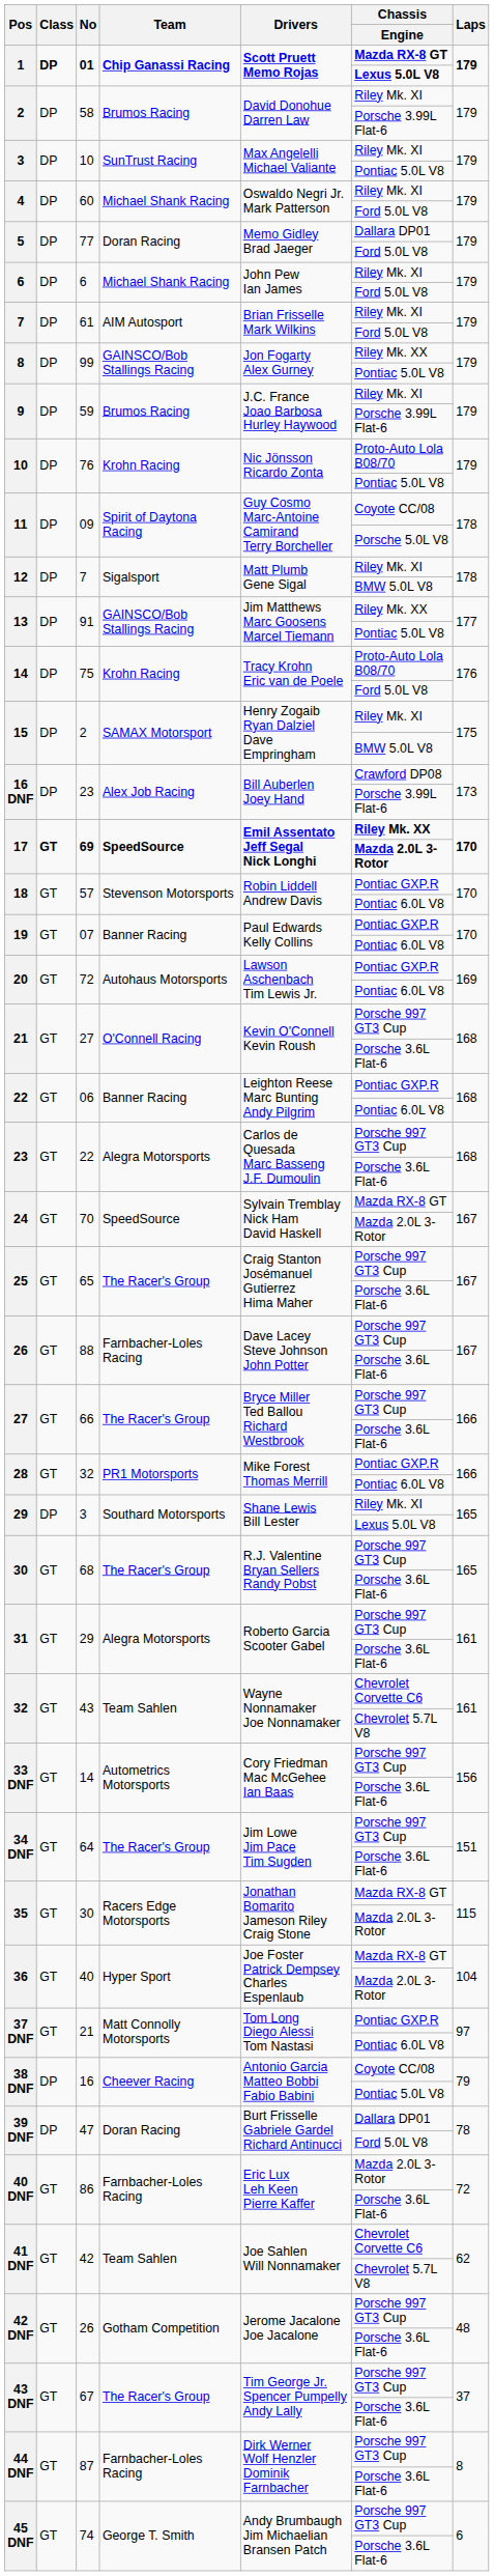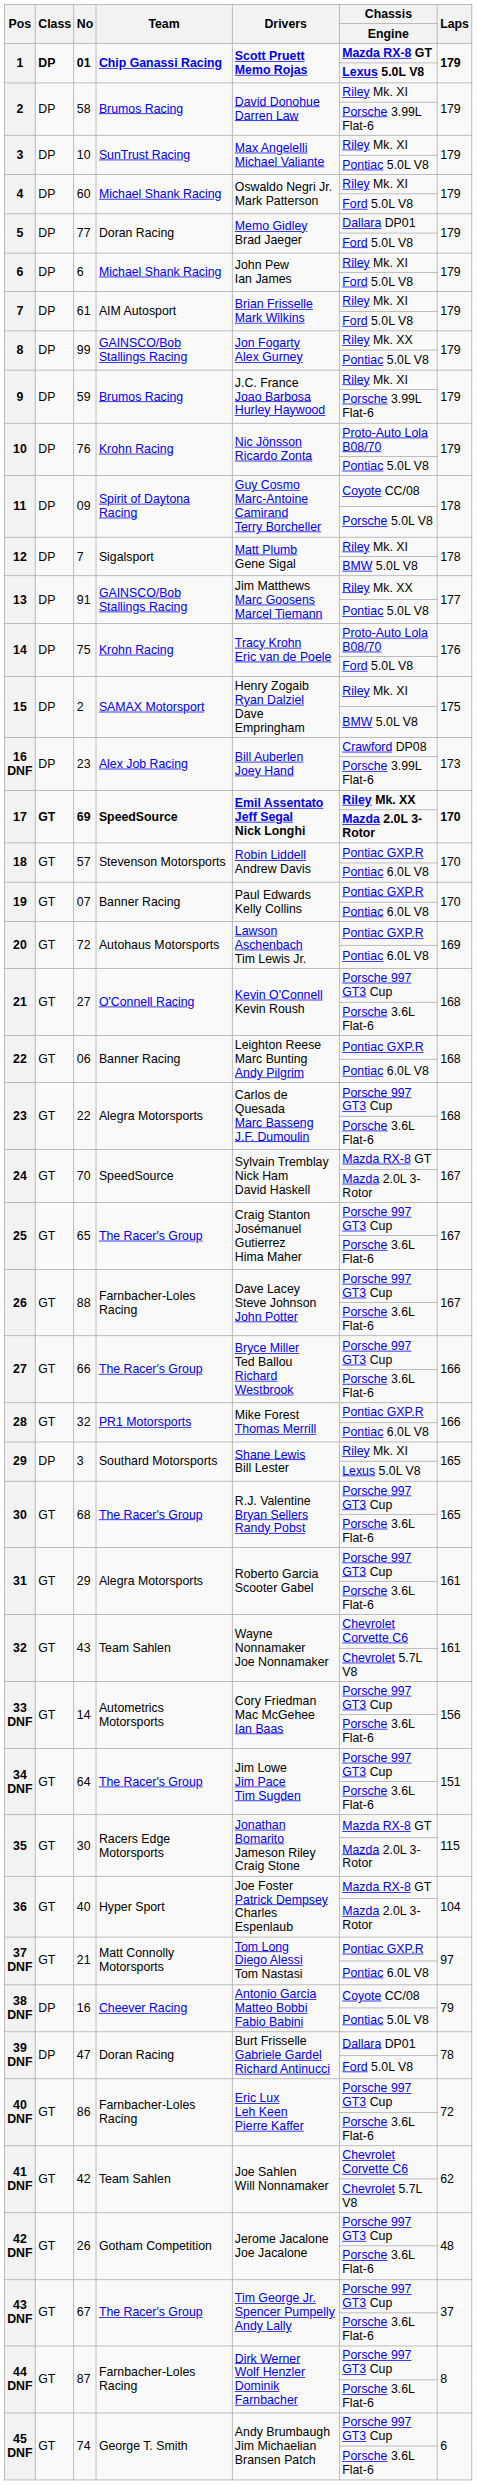 <table class="wikitable">
 <tr>
 <th rowspan="2">Pos</th>
 <th rowspan="2">Class</th>
 <th rowspan="2">No</th>
 <th rowspan="2">Team</th>
 <th rowspan="2">Drivers</th>
 <th>Chassis</th>
 <th rowspan="2">Laps</th>
 </tr>
 <tr>
 <th>Engine</th>
 </tr>
 <tr>
 <th rowspan="2">1</th>
 <td rowspan="2"><strong>DP</strong></td>
 <td rowspan="2"><strong>01</strong></td>
 <td rowspan="2"><strong><a href='#'>Chip Ganassi Racing</a></strong></td>
 <td rowspan="2"><strong> <a href='#'>Scott Pruett</a></strong><br><strong> <a href='#'>Memo Rojas</a></strong></td>
 <td><strong><a href='#'>Mazda RX-8</a> GT</strong></td>
 <td rowspan="2"><strong>179</strong></td>
 </tr>
 <tr>
 <td><strong><a href='#'>Lexus</a> 5.0L V8</strong></td>
 </tr>
 <tr>
 <th rowspan="2">2</th>
 <td rowspan="2">DP</td>
 <td rowspan="2">58</td>
 <td rowspan="2"><a href='#'>Brumos Racing</a></td>
 <td rowspan="2"> <a href='#'>David Donohue</a><br> <a href='#'>Darren Law</a></td>
 <td><a href='#'>Riley</a> Mk. XI</td>
 <td rowspan="2">179</td>
 </tr>
 <tr>
 <td><a href='#'>Porsche</a> 3.99L Flat-6</td>
 </tr>
 <tr>
 <th rowspan="2">3</th>
 <td rowspan="2">DP</td>
 <td rowspan="2">10</td>
 <td rowspan="2"><a href='#'>SunTrust Racing</a></td>
 <td rowspan="2"> <a href='#'>Max Angelelli</a><br> <a href='#'>Michael Valiante</a></td>
 <td><a href='#'>Riley</a> Mk. XI</td>
 <td rowspan="2">179</td>
 </tr>
 <tr>
 <td><a href='#'>Pontiac</a> 5.0L V8</td>
 </tr>
 <tr>
 <th rowspan="2">4</th>
 <td rowspan="2">DP</td>
 <td rowspan="2">60</td>
 <td rowspan="2"><a href='#'>Michael Shank Racing</a></td>
 <td rowspan="2"> Oswaldo Negri Jr.<br> Mark Patterson</td>
 <td><a href='#'>Riley</a> Mk. XI</td>
 <td rowspan="2">179</td>
 </tr>
 <tr>
 <td><a href='#'>Ford</a> 5.0L V8</td>
 </tr>
 <tr>
 <th rowspan="2">5</th>
 <td rowspan="2">DP</td>
 <td rowspan="2">77</td>
 <td rowspan="2">Doran Racing</td>
 <td rowspan="2"><strong></strong> <a href='#'>Memo Gidley</a><br> Brad Jaeger</td>
 <td><a href='#'>Dallara</a> DP01</td>
 <td rowspan="2">179</td>
 </tr>
 <tr>
 <td><a href='#'>Ford</a> 5.0L V8</td>
 </tr>
 <tr>
 <th rowspan="2">6</th>
 <td rowspan="2">DP</td>
 <td rowspan="2">6</td>
 <td rowspan="2"><a href='#'>Michael Shank Racing</a></td>
 <td rowspan="2"> John Pew<br> Ian James</td>
 <td><a href='#'>Riley</a> Mk. XI</td>
 <td rowspan="2">179</td>
 </tr>
 <tr>
 <td><a href='#'>Ford</a> 5.0L V8</td>
 </tr>
 <tr>
 <th rowspan="2">7</th>
 <td rowspan="2">DP</td>
 <td rowspan="2">61</td>
 <td rowspan="2">AIM Autosport</td>
 <td rowspan="2"> <a href='#'>Brian Frisselle</a><br> <a href='#'>Mark Wilkins</a></td>
 <td><a href='#'>Riley</a> Mk. XI</td>
 <td rowspan="2">179</td>
 </tr>
 <tr>
 <td><a href='#'>Ford</a> 5.0L V8</td>
 </tr>
 <tr>
 <th rowspan="2">8</th>
 <td rowspan="2">DP</td>
 <td rowspan="2">99</td>
 <td rowspan="2"><a href='#'>GAINSCO/Bob Stallings Racing</a></td>
 <td rowspan="2"> <a href='#'>Jon Fogarty</a><br> <a href='#'>Alex Gurney</a></td>
 <td><a href='#'>Riley</a> Mk. XX</td>
 <td rowspan="2">179</td>
 </tr>
 <tr>
 <td><a href='#'>Pontiac</a> 5.0L V8</td>
 </tr>
 <tr>
 <th rowspan="2">9</th>
 <td rowspan="2">DP</td>
 <td rowspan="2">59</td>
 <td rowspan="2"><a href='#'>Brumos Racing</a></td>
 <td rowspan="2"> J.C. France<br> <a href='#'>Joao Barbosa</a><br> <a href='#'>Hurley Haywood</a></td>
 <td><a href='#'>Riley</a> Mk. XI</td>
 <td rowspan="2">179</td>
 </tr>
 <tr>
 <td><a href='#'>Porsche</a> 3.99L Flat-6</td>
 </tr>
 <tr>
 <th rowspan="2">10</th>
 <td rowspan="2">DP</td>
 <td rowspan="2">76</td>
 <td rowspan="2"><a href='#'>Krohn Racing</a></td>
 <td rowspan="2"> <a href='#'>Nic Jönsson</a><br> <a href='#'>Ricardo Zonta</a></td>
 <td><a href='#'>Proto-Auto Lola B08/70</a></td>
 <td rowspan="2">179</td>
 </tr>
 <tr>
 <td><a href='#'>Pontiac</a> 5.0L V8</td>
 </tr>
 <tr>
 <th rowspan="2">11</th>
 <td rowspan="2">DP</td>
 <td rowspan="2">09</td>
 <td rowspan="2"><a href='#'>Spirit of Daytona Racing</a></td>
 <td rowspan="2"> <a href='#'>Guy Cosmo</a><br> <a href='#'>Marc-Antoine Camirand</a><br> <a href='#'>Terry Borcheller</a></td>
 <td><a href='#'>Coyote</a> CC/08</td>
 <td rowspan="2">178</td>
 </tr>
 <tr>
 <td><a href='#'>Porsche</a> 5.0L V8</td>
 </tr>
 <tr>
 <th rowspan="2">12</th>
 <td rowspan="2">DP</td>
 <td rowspan="2">7</td>
 <td rowspan="2">Sigalsport</td>
 <td rowspan="2"> <a href='#'>Matt Plumb</a><br> Gene Sigal</td>
 <td><a href='#'>Riley</a> Mk. XI</td>
 <td rowspan="2">178</td>
 </tr>
 <tr>
 <td><a href='#'>BMW</a> 5.0L V8</td>
 </tr>
 <tr>
 <th rowspan="2">13</th>
 <td rowspan="2">DP</td>
 <td rowspan="2">91</td>
 <td rowspan="2"><a href='#'>GAINSCO/Bob Stallings Racing</a></td>
 <td rowspan="2"> Jim Matthews<br> <a href='#'>Marc Goosens</a><br> <a href='#'>Marcel Tiemann</a></td>
 <td><a href='#'>Riley</a> Mk. XX</td>
 <td rowspan="2">177</td>
 </tr>
 <tr>
 <td><a href='#'>Pontiac</a> 5.0L V8</td>
 </tr>
 <tr>
 <th rowspan="2">14</th>
 <td rowspan="2">DP</td>
 <td rowspan="2">75</td>
 <td rowspan="2"><a href='#'>Krohn Racing</a></td>
 <td rowspan="2"> <a href='#'>Tracy Krohn</a><br> <a href='#'>Eric van de Poele</a></td>
 <td><a href='#'>Proto-Auto Lola B08/70</a></td>
 <td rowspan="2">176</td>
 </tr>
 <tr>
 <td><a href='#'>Ford</a> 5.0L V8</td>
 </tr>
 <tr>
 <th rowspan="2">15</th>
 <td rowspan="2">DP</td>
 <td rowspan="2">2</td>
 <td rowspan="2"><a href='#'>SAMAX Motorsport</a></td>
 <td rowspan="2"> Henry Zogaib<br> <a href='#'>Ryan Dalziel</a><br> Dave Empringham</td>
 <td><a href='#'>Riley</a> Mk. XI</td>
 <td rowspan="2">175</td>
 </tr>
 <tr>
 <td><a href='#'>BMW</a> 5.0L V8</td>
 </tr>
 <tr>
 <th rowspan="2">16<br>DNF</th>
 <td rowspan="2">DP</td>
 <td rowspan="2">23</td>
 <td rowspan="2"><a href='#'>Alex Job Racing</a></td>
 <td rowspan="2"> <a href='#'>Bill Auberlen</a><br> <a href='#'>Joey Hand</a></td>
 <td><a href='#'>Crawford</a> DP08</td>
 <td rowspan="2">173</td>
 </tr>
 <tr>
 <td><a href='#'>Porsche</a> 3.99L Flat-6</td>
 </tr>
 <tr>
 <th rowspan="2">17</th>
 <td rowspan="2"><strong>GT</strong></td>
 <td rowspan="2"><strong>69</strong></td>
 <td rowspan="2"><strong>SpeedSource</strong></td>
 <td rowspan="2"><strong> <a href='#'>Emil Assentato</a></strong><br><strong> <a href='#'>Jeff Segal</a></strong><br><strong> Nick Longhi</strong></td>
 <td><strong><a href='#'>Riley</a> Mk. XX</strong></td>
 <td rowspan="2"><strong>170</strong></td>
 </tr>
 <tr>
 <td><strong><a href='#'>Mazda</a> 2.0L 3-Rotor</strong></td>
 </tr>
 <tr>
 <th rowspan="2">18</th>
 <td rowspan="2">GT</td>
 <td rowspan="2">57</td>
 <td rowspan="2">Stevenson Motorsports</td>
 <td rowspan="2"> <a href='#'>Robin Liddell</a><br> Andrew Davis</td>
 <td><a href='#'>Pontiac GXP.R</a></td>
 <td rowspan="2">170</td>
 </tr>
 <tr>
 <td><a href='#'>Pontiac</a> 6.0L V8</td>
 </tr>
 <tr>
 <th rowspan="2">19</th>
 <td rowspan="2">GT</td>
 <td rowspan="2">07</td>
 <td rowspan="2">Banner Racing</td>
 <td rowspan="2"> Paul Edwards<br> Kelly Collins</td>
 <td><a href='#'>Pontiac GXP.R</a></td>
 <td rowspan="2">170</td>
 </tr>
 <tr>
 <td><a href='#'>Pontiac</a> 6.0L V8</td>
 </tr>
 <tr>
 <th rowspan="2">20</th>
 <td rowspan="2">GT</td>
 <td rowspan="2">72</td>
 <td rowspan="2">Autohaus Motorsports</td>
 <td rowspan="2"> <a href='#'>Lawson Aschenbach</a><br> Tim Lewis Jr.</td>
 <td><a href='#'>Pontiac GXP.R</a></td>
 <td rowspan="2">169</td>
 </tr>
 <tr>
 <td><a href='#'>Pontiac</a> 6.0L V8</td>
 </tr>
 <tr>
 <th rowspan="2">21</th>
 <td rowspan="2">GT</td>
 <td rowspan="2">27</td>
 <td rowspan="2"><a href='#'>O'Connell Racing</a></td>
 <td rowspan="2"> <a href='#'>Kevin O'Connell</a><br> Kevin Roush</td>
 <td><a href='#'>Porsche 997 GT3</a> Cup</td>
 <td rowspan="2">168</td>
 </tr>
 <tr>
 <td><a href='#'>Porsche</a> 3.6L Flat-6</td>
 </tr>
 <tr>
 <th rowspan="2">22</th>
 <td rowspan="2">GT</td>
 <td rowspan="2">06</td>
 <td rowspan="2">Banner Racing</td>
 <td rowspan="2"> Leighton Reese<br> Marc Bunting<br> <a href='#'>Andy Pilgrim</a></td>
 <td><a href='#'>Pontiac GXP.R</a></td>
 <td rowspan="2">168</td>
 </tr>
 <tr>
 <td><a href='#'>Pontiac</a> 6.0L V8</td>
 </tr>
 <tr>
 <th rowspan="2">23</th>
 <td rowspan="2">GT</td>
 <td rowspan="2">22</td>
 <td rowspan="2">Alegra Motorsports</td>
 <td rowspan="2"> Carlos de Quesada<br> <a href='#'>Marc Basseng</a><br> <a href='#'>J.F. Dumoulin</a></td>
 <td><a href='#'>Porsche 997 GT3</a> Cup</td>
 <td rowspan="2">168</td>
 </tr>
 <tr>
 <td><a href='#'>Porsche</a> 3.6L Flat-6</td>
 </tr>
 <tr>
 <th rowspan="2">24</th>
 <td rowspan="2">GT</td>
 <td rowspan="2">70</td>
 <td rowspan="2">SpeedSource</td>
 <td rowspan="2"> Sylvain Tremblay<br> Nick Ham<br> David Haskell</td>
 <td><a href='#'>Mazda RX-8</a> GT</td>
 <td rowspan="2">167</td>
 </tr>
 <tr>
 <td><a href='#'>Mazda</a> 2.0L 3-Rotor</td>
 </tr>
 <tr>
 <th rowspan="2">25</th>
 <td rowspan="2">GT</td>
 <td rowspan="2">65</td>
 <td rowspan="2"><a href='#'>The Racer's Group</a></td>
 <td rowspan="2"> Craig Stanton<br> Josémanuel Gutierrez<br> Hima Maher</td>
 <td><a href='#'>Porsche 997 GT3</a> Cup</td>
 <td rowspan="2">167</td>
 </tr>
 <tr>
 <td><a href='#'>Porsche</a> 3.6L Flat-6</td>
 </tr>
 <tr>
 <th rowspan="2">26</th>
 <td rowspan="2">GT</td>
 <td rowspan="2">88</td>
 <td rowspan="2">Farnbacher-Loles Racing</td>
 <td rowspan="2"> Dave Lacey<br> Steve Johnson<br> <a href='#'>John Potter</a></td>
 <td><a href='#'>Porsche 997 GT3</a> Cup</td>
 <td rowspan="2">167</td>
 </tr>
 <tr>
 <td><a href='#'>Porsche</a> 3.6L Flat-6</td>
 </tr>
 <tr>
 <th rowspan="2">27</th>
 <td rowspan="2">GT</td>
 <td rowspan="2">66</td>
 <td rowspan="2"><a href='#'>The Racer's Group</a></td>
 <td rowspan="2"> <a href='#'>Bryce Miller</a><br> Ted Ballou<br> <a href='#'>Richard Westbrook</a></td>
 <td><a href='#'>Porsche 997 GT3</a> Cup</td>
 <td rowspan="2">166</td>
 </tr>
 <tr>
 <td><a href='#'>Porsche</a> 3.6L Flat-6</td>
 </tr>
 <tr>
 <th rowspan="2">28</th>
 <td rowspan="2">GT</td>
 <td rowspan="2">32</td>
 <td rowspan="2"><a href='#'>PR1 Motorsports</a></td>
 <td rowspan="2"> Mike Forest<br> <a href='#'>Thomas Merrill</a></td>
 <td><a href='#'>Pontiac GXP.R</a></td>
 <td rowspan="2">166</td>
 </tr>
 <tr>
 <td><a href='#'>Pontiac</a> 6.0L V8</td>
 </tr>
 <tr>
 <th rowspan="2">29</th>
 <td rowspan="2">DP</td>
 <td rowspan="2">3</td>
 <td rowspan="2">Southard Motorsports</td>
 <td rowspan="2"> <a href='#'>Shane Lewis</a><br> Bill Lester</td>
 <td><a href='#'>Riley</a> Mk. XI</td>
 <td rowspan="2">165</td>
 </tr>
 <tr>
 <td><a href='#'>Lexus</a> 5.0L V8</td>
 </tr>
 <tr>
 <th rowspan="2">30</th>
 <td rowspan="2">GT</td>
 <td rowspan="2">68</td>
 <td rowspan="2"><a href='#'>The Racer's Group</a></td>
 <td rowspan="2"> R.J. Valentine<br> <a href='#'>Bryan Sellers</a><br> <a href='#'>Randy Pobst</a></td>
 <td><a href='#'>Porsche 997 GT3</a> Cup</td>
 <td rowspan="2">165</td>
 </tr>
 <tr>
 <td><a href='#'>Porsche</a> 3.6L Flat-6</td>
 </tr>
 <tr>
 <th rowspan="2">31</th>
 <td rowspan="2">GT</td>
 <td rowspan="2">29</td>
 <td rowspan="2">Alegra Motorsports</td>
 <td rowspan="2"> Roberto Garcia<br> Scooter Gabel</td>
 <td><a href='#'>Porsche 997 GT3</a> Cup</td>
 <td rowspan="2">161</td>
 </tr>
 <tr>
 <td><a href='#'>Porsche</a> 3.6L Flat-6</td>
 </tr>
 <tr>
 <th rowspan="2">32</th>
 <td rowspan="2">GT</td>
 <td rowspan="2">43</td>
 <td rowspan="2">Team Sahlen</td>
 <td rowspan="2"> Wayne Nonnamaker<br> Joe Nonnamaker</td>
 <td><a href='#'>Chevrolet Corvette C6</a></td>
 <td rowspan="2">161</td>
 </tr>
 <tr>
 <td><a href='#'>Chevrolet</a> 5.7L V8</td>
 </tr>
 <tr>
 <th rowspan="2">33<br>DNF</th>
 <td rowspan="2">GT</td>
 <td rowspan="2">14</td>
 <td rowspan="2">Autometrics Motorsports</td>
 <td rowspan="2"> Cory Friedman<br> Mac McGehee<br> <a href='#'>Ian Baas</a></td>
 <td><a href='#'>Porsche 997 GT3</a> Cup</td>
 <td rowspan="2">156</td>
 </tr>
 <tr>
 <td><a href='#'>Porsche</a> 3.6L Flat-6</td>
 </tr>
 <tr>
 <th rowspan="2">34<br>DNF</th>
 <td rowspan="2">GT</td>
 <td rowspan="2">64</td>
 <td rowspan="2"><a href='#'>The Racer's Group</a></td>
 <td rowspan="2"> Jim Lowe<br> <a href='#'>Jim Pace</a><br> <a href='#'>Tim Sugden</a></td>
 <td><a href='#'>Porsche 997 GT3</a> Cup</td>
 <td rowspan="2">151</td>
 </tr>
 <tr>
 <td><a href='#'>Porsche</a> 3.6L Flat-6</td>
 </tr>
 <tr>
 <th rowspan="2">35</th>
 <td rowspan="2">GT</td>
 <td rowspan="2">30</td>
 <td rowspan="2">Racers Edge Motorsports</td>
 <td rowspan="2"> <a href='#'>Jonathan Bomarito</a><br> Jameson Riley<br> Craig Stone</td>
 <td><a href='#'>Mazda RX-8</a> GT</td>
 <td rowspan="2">115</td>
 </tr>
 <tr>
 <td><a href='#'>Mazda</a> 2.0L 3-Rotor</td>
 </tr>
 <tr>
 <th rowspan="2">36</th>
 <td rowspan="2">GT</td>
 <td rowspan="2">40</td>
 <td rowspan="2">Hyper Sport</td>
 <td rowspan="2"> Joe Foster<br> <a href='#'>Patrick Dempsey</a><br> Charles Espenlaub</td>
 <td><a href='#'>Mazda RX-8</a> GT</td>
 <td rowspan="2">104</td>
 </tr>
 <tr>
 <td><a href='#'>Mazda</a> 2.0L 3-Rotor</td>
 </tr>
 <tr>
 <th rowspan="2">37<br>DNF</th>
 <td rowspan="2">GT</td>
 <td rowspan="2">21</td>
 <td rowspan="2">Matt Connolly Motorsports</td>
 <td rowspan="2"> <a href='#'>Tom Long</a><br> <a href='#'>Diego Alessi</a><br> Tom Nastasi</td>
 <td><a href='#'>Pontiac GXP.R</a></td>
 <td rowspan="2">97</td>
 </tr>
 <tr>
 <td><a href='#'>Pontiac</a> 6.0L V8</td>
 </tr>
 <tr>
 <th rowspan="2">38<br>DNF</th>
 <td rowspan="2">DP</td>
 <td rowspan="2">16</td>
 <td rowspan="2"><a href='#'>Cheever Racing</a></td>
 <td rowspan="2"> <a href='#'>Antonio Garcia</a><br> <a href='#'>Matteo Bobbi</a><br> <a href='#'>Fabio Babini</a></td>
 <td><a href='#'>Coyote</a> CC/08</td>
 <td rowspan="2">79</td>
 </tr>
 <tr>
 <td><a href='#'>Pontiac</a> 5.0L V8</td>
 </tr>
 <tr>
 <th rowspan="2">39<br>DNF</th>
 <td rowspan="2">DP</td>
 <td rowspan="2">47</td>
 <td rowspan="2">Doran Racing</td>
 <td rowspan="2"> Burt Frisselle<br> <a href='#'>Gabriele Gardel</a><br> <a href='#'>Richard Antinucci</a></td>
 <td><a href='#'>Dallara</a> DP01</td>
 <td rowspan="2">78</td>
 </tr>
 <tr>
 <td><a href='#'>Ford</a> 5.0L V8</td>
 </tr>
 <tr>
 <th rowspan="2">40<br>DNF</th>
 <td rowspan="2">GT</td>
 <td rowspan="2">86</td>
 <td rowspan="2">Farnbacher-Loles Racing</td>
 <td rowspan="2"> <a href='#'>Eric Lux</a><br> <a href='#'>Leh Keen</a><br> <a href='#'>Pierre Kaffer</a></td>
-<td><a href='#'>Mazda</a> 2.0L 3-Rotor</td>
+<td><a href='#'>Porsche 997 GT3</a> Cup</td>
 <td rowspan="2">72</td>
 </tr>
 <tr>
 <td><a href='#'>Porsche</a> 3.6L Flat-6</td>
 </tr>
 <tr>
 <th rowspan="2">41<br>DNF</th>
 <td rowspan="2">GT</td>
 <td rowspan="2">42</td>
 <td rowspan="2">Team Sahlen</td>
 <td rowspan="2"> Joe Sahlen<br> Will Nonnamaker</td>
 <td><a href='#'>Chevrolet Corvette C6</a></td>
 <td rowspan="2">62</td>
 </tr>
 <tr>
 <td><a href='#'>Chevrolet</a> 5.7L V8</td>
 </tr>
 <tr>
 <th rowspan="2">42<br>DNF</th>
 <td rowspan="2">GT</td>
 <td rowspan="2">26</td>
 <td rowspan="2">Gotham Competition</td>
 <td rowspan="2"> Jerome Jacalone<br> Joe Jacalone</td>
 <td><a href='#'>Porsche 997 GT3</a> Cup</td>
 <td rowspan="2">48</td>
 </tr>
 <tr>
 <td><a href='#'>Porsche</a> 3.6L Flat-6</td>
 </tr>
 <tr>
 <th rowspan="2">43<br>DNF</th>
 <td rowspan="2">GT</td>
 <td rowspan="2">67</td>
 <td rowspan="2"><a href='#'>The Racer's Group</a></td>
 <td rowspan="2"> <a href='#'>Tim George Jr.</a><br> <a href='#'>Spencer Pumpelly</a><br> <a href='#'>Andy Lally</a></td>
 <td><a href='#'>Porsche 997 GT3</a> Cup</td>
 <td rowspan="2">37</td>
 </tr>
 <tr>
 <td><a href='#'>Porsche</a> 3.6L Flat-6</td>
 </tr>
 <tr>
 <th rowspan="2">44<br>DNF</th>
 <td rowspan="2">GT</td>
 <td rowspan="2">87</td>
 <td rowspan="2">Farnbacher-Loles Racing</td>
 <td rowspan="2"> <a href='#'>Dirk Werner</a><br> <a href='#'>Wolf Henzler</a> <br> <a href='#'>Dominik Farnbacher</a></td>
 <td><a href='#'>Porsche 997 GT3</a> Cup</td>
 <td rowspan="2">8</td>
 </tr>
 <tr>
 <td><a href='#'>Porsche</a> 3.6L Flat-6</td>
 </tr>
 <tr>
 <th rowspan="2">45<br>DNF</th>
 <td rowspan="2">GT</td>
 <td rowspan="2">74</td>
 <td rowspan="2">George T. Smith</td>
 <td rowspan="2"> Andy Brumbaugh<br> Jim Michaelian<br> Bransen Patch</td>
 <td><a href='#'>Porsche 997 GT3</a> Cup</td>
 <td rowspan="2">6</td>
 </tr>
 <tr>
 <td><a href='#'>Porsche</a> 3.6L Flat-6</td>
 </tr>
 </table>
